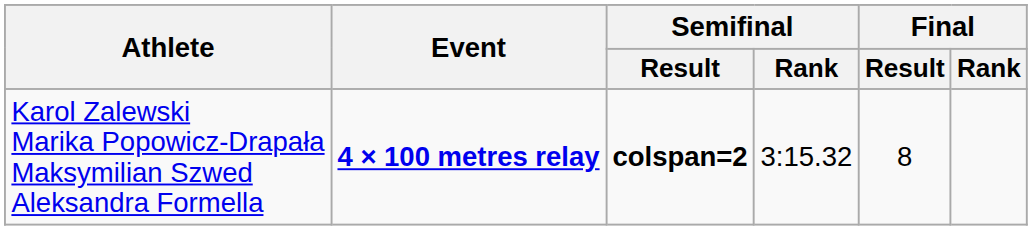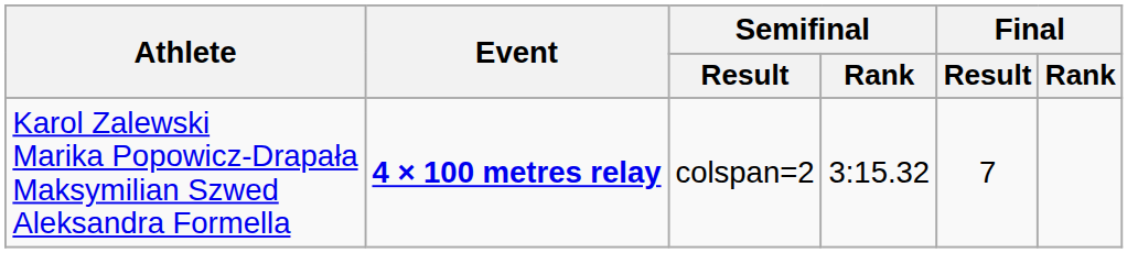 <table class=wikitable style=font-size:90%>
 <tr>
 <th rowspan=2>Athlete</th>
 <th rowspan=2>Event</th>
 <th colspan=2>Semifinal</th>
 <th colspan=2>Final</th>
 </tr>
 <tr style=font-size:95%>
 <th>Result</th>
 <th>Rank</th>
 <th>Result</th>
 <th>Rank</th>
 </tr>
 <tr align=center>
 <td align=left><a href='#'>Karol Zalewski</a><br><a href='#'>Marika Popowicz-Drapała</a><br><a href='#'>Maksymilian Szwed</a><br><a href='#'>Aleksandra Formella</a></td>
 <td align=left><strong><a href='#'>4 × 100 metres relay</a></strong></td>
-<td><strong>colspan=2</strong></td>
+<td>colspan=2</td>
 <td>3:15.32</td>
-<td>8</td>
+<td>7</td>
 </tr>
 </table>
